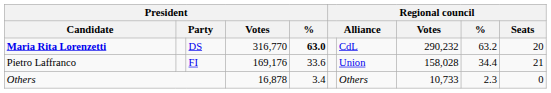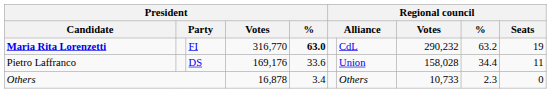 <table class="wikitable" style="text-align:right; style="width=65%">
 <tr>
 <th colspan="5">President</th>
 <th colspan="7">Regional council</th>
 </tr>
 <tr>
 <th>Candidate</th>
 <th colspan="2">Party</th>
 <th>Votes</th>
 <th>%</th>
 <th colspan="2">Alliance</th>
 <th>Votes</th>
 <th>%</th>
 <th>Seats</th>
 </tr>
 <tr>
 <td style="text-align:left"><strong><a href='#'>Maria Rita Lorenzetti</a></strong></td>
 <td></td>
-<td style="text-align:left"><a href='#'>DS</a></td>
+<td style="text-align:left"><a href='#'>FI</a></td>
 <td>316,770</td>
 <td><strong>63.0</strong></td>
 <td></td>
 <td style="text-align:left"><a href='#'>CdL</a></td>
 <td>290,232</td>
 <td>63.2</td>
-<td>20</td>
+<td>19</td>
 </tr>
 <tr>
 <td style="text-align:left">Pietro Laffranco</td>
 <td></td>
-<td style="text-align:left"><a href='#'>FI</a></td>
+<td style="text-align:left"><a href='#'>DS</a></td>
 <td>169,176</td>
 <td>33.6</td>
 <td></td>
 <td style="text-align:left"><a href='#'>Union</a></td>
 <td>158,028</td>
 <td>34.4</td>
-<td>21</td>
+<td>11</td>
 </tr>
 <tr>
 <td colspan="3" style="text-align:left"><em>Others</em></td>
 <td>16,878</td>
 <td>3.4</td>
 <td></td>
 <td style="text-align:left"><em>Others</em></td>
 <td>10,733</td>
 <td>2.3</td>
 <td>0</td>
 </tr>
 </table>
